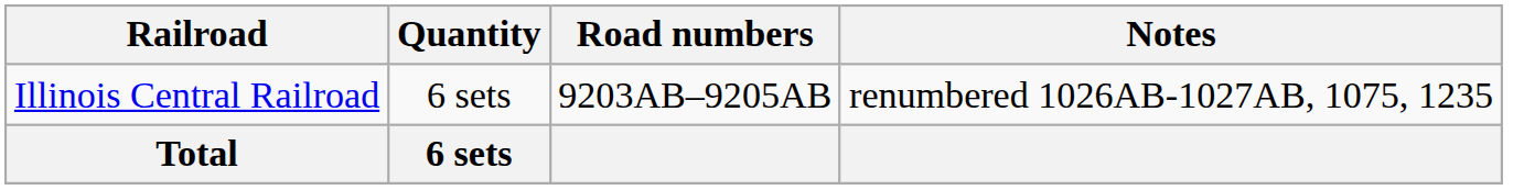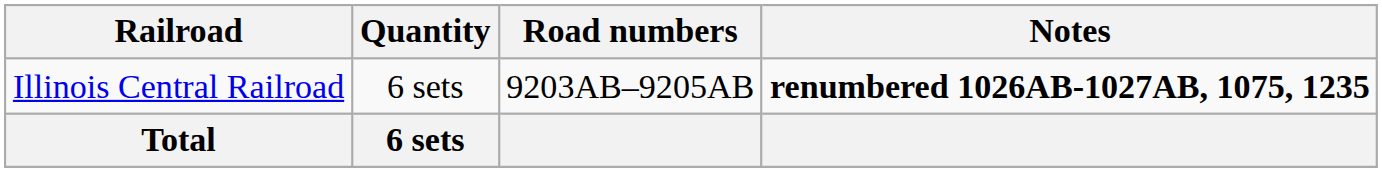 <table class="wikitable">
 <tr>
 <th>Railroad</th>
 <th>Quantity</th>
 <th>Road numbers</th>
 <th>Notes</th>
 </tr>
 <tr>
 <td><a href='#'>Illinois Central Railroad</a></td>
 <td style="text-align:center;">6 sets</td>
 <td style="text-align:center;">9203AB–9205AB</td>
-<td>renumbered 1026AB-1027AB, 1075, 1235</td>
+<td><strong>renumbered 1026AB-1027AB, 1075, 1235</strong></td>
 </tr>
 <tr>
 <th>Total</th>
 <th>6 sets</th>
 <th></th>
 <th></th>
 </tr>
 <tr>
 </tr>
 </table>
